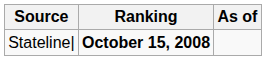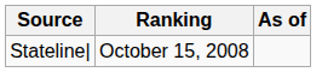 <table class="wikitable" style="text-align:center">
 <tr>
 <th>Source</th>
 <th>Ranking</th>
 <th>As of</th>
 </tr>
 <tr>
 <td align=left>Stateline| </td>
-<td><strong>October 15, 2008</strong></td>
+<td>October 15, 2008</td>
 </tr>
 </table>
